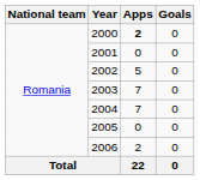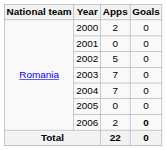 <table class="wikitable" style="text-align:center">
 <tr>
 <th>National team</th>
 <th>Year</th>
 <th>Apps</th>
 <th>Goals</th>
 </tr>
 <tr>
 <td rowspan="7"><a href='#'>Romania</a></td>
 <td>2000</td>
-<td><strong>2</strong></td>
+<td>2</td>
 <td>0</td>
 </tr>
 <tr>
 <td>2001</td>
 <td>0</td>
 <td>0</td>
 </tr>
 <tr>
 <td>2002</td>
 <td>5</td>
 <td>0</td>
 </tr>
 <tr>
 <td>2003</td>
 <td>7</td>
 <td>0</td>
 </tr>
 <tr>
 <td>2004</td>
 <td>7</td>
 <td>0</td>
 </tr>
 <tr>
 <td>2005</td>
 <td>0</td>
 <td>0</td>
 </tr>
 <tr>
 <td>2006</td>
 <td>2</td>
-<td>0</td>
+<td><strong>0</strong></td>
 </tr>
 <tr>
 <th colspan="2">Total</th>
 <th>22</th>
 <th>0</th>
 </tr>
 </table>
